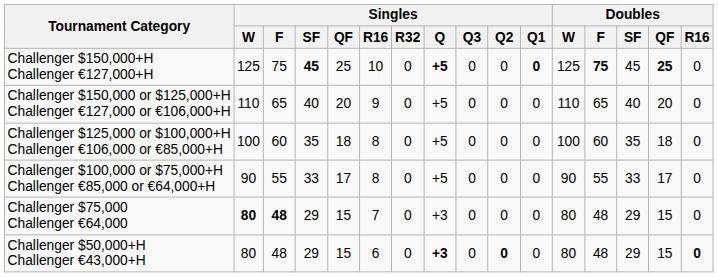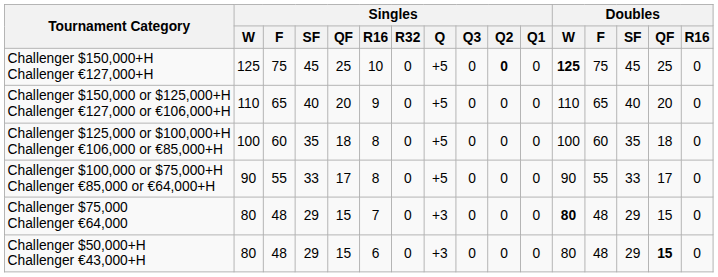 <table class="wikitable" style=text-align:center;>
 <tr>
 <th rowspan=2 align=center>Tournament Category</th>
 <th colspan=10 align=center>Singles</th>
 <th colspan=5 align=center>Doubles</th>
 </tr>
 <tr>
 <th !width=30>W</th>
 <th width=30>F</th>
 <th width=30>SF</th>
 <th width=30>QF</th>
 <th width=30>R16</th>
 <th width=30>R32</th>
 <th width=30>Q</th>
 <th width=30>Q3</th>
 <th width=30>Q2</th>
 <th width=30>Q1</th>
 <th width=30>W</th>
 <th width=30>F</th>
 <th width=30>SF</th>
 <th width=30>QF</th>
 <th width=30>R16</th>
 </tr>
 <tr>
 <td align=left>Challenger $150,000+H<br>Challenger €127,000+H</td>
 <td>125</td>
 <td>75</td>
-<td><strong>45</strong></td>
+<td>45</td>
 <td>25</td>
 <td>10</td>
 <td>0</td>
-<td><strong>+5</strong></td>
-<td>0</td>
+<td>+5</td>
 <td>0</td>
 <td><strong>0</strong></td>
-<td>125</td>
-<td><strong>75</strong></td>
+<td>0</td>
+<td><strong>125</strong></td>
+<td>75</td>
 <td>45</td>
-<td><strong>25</strong></td>
+<td>25</td>
 <td>0</td>
 </tr>
 <tr>
 <td align=left>Challenger $150,000 or $125,000+H<br>Challenger €127,000 or €106,000+H</td>
 <td>110</td>
 <td>65</td>
 <td>40</td>
 <td>20</td>
 <td>9</td>
 <td>0</td>
 <td>+5</td>
 <td>0</td>
 <td>0</td>
 <td>0</td>
 <td>110</td>
 <td>65</td>
 <td>40</td>
 <td>20</td>
 <td>0</td>
 </tr>
 <tr>
 <td align=left>Challenger $125,000 or $100,000+H<br>Challenger €106,000 or €85,000+H</td>
 <td>100</td>
 <td>60</td>
 <td>35</td>
 <td>18</td>
 <td>8</td>
 <td>0</td>
 <td>+5</td>
 <td>0</td>
 <td>0</td>
 <td>0</td>
 <td>100</td>
 <td>60</td>
 <td>35</td>
 <td>18</td>
 <td>0</td>
 </tr>
 <tr>
 <td align=left>Challenger $100,000 or $75,000+H<br>Challenger €85,000 or €64,000+H</td>
 <td>90</td>
 <td>55</td>
 <td>33</td>
 <td>17</td>
 <td>8</td>
 <td>0</td>
 <td>+5</td>
 <td>0</td>
 <td>0</td>
 <td>0</td>
 <td>90</td>
 <td>55</td>
 <td>33</td>
 <td>17</td>
 <td>0</td>
 </tr>
 <tr>
 <td align=left>Challenger $75,000<br>Challenger €64,000</td>
-<td><strong>80</strong></td>
-<td><strong>48</strong></td>
+<td>80</td>
+<td>48</td>
 <td>29</td>
 <td>15</td>
 <td>7</td>
 <td>0</td>
 <td>+3</td>
 <td>0</td>
 <td>0</td>
 <td>0</td>
-<td>80</td>
+<td><strong>80</strong></td>
 <td>48</td>
 <td>29</td>
 <td>15</td>
 <td>0</td>
 </tr>
 <tr>
 <td align=left>Challenger $50,000+H<br>Challenger €43,000+H</td>
 <td>80</td>
 <td>48</td>
 <td>29</td>
 <td>15</td>
 <td>6</td>
 <td>0</td>
-<td><strong>+3</strong></td>
+<td>+3</td>
 <td>0</td>
-<td><strong>0</strong></td>
+<td>0</td>
 <td>0</td>
 <td>80</td>
 <td>48</td>
 <td>29</td>
-<td>15</td>
-<td><strong>0</strong></td>
+<td><strong>15</strong></td>
+<td>0</td>
 </tr>
 </table>
